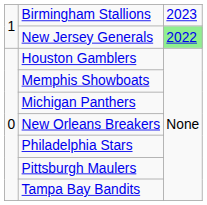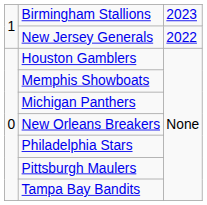 <table class="wikitable">
 <tr>
 <td rowspan="2">1</td>
 <td><a href='#'>Birmingham Stallions</a></td>
 <td><a href='#'>2023</a></td>
 </tr>
 <tr>
 <td><a href='#'>New Jersey Generals</a></td>
-<td style="background: lightgreen;"><a href='#'>2022</a></td>
+<td><a href='#'>2022</a></td>
 </tr>
 <tr>
 <td rowspan="7">0</td>
 <td><a href='#'>Houston Gamblers</a></td>
 <td rowspan="7">None</td>
 </tr>
 <tr>
 <td><a href='#'>Memphis Showboats</a></td>
 </tr>
 <tr>
 <td><a href='#'>Michigan Panthers</a></td>
 </tr>
 <tr>
 <td><a href='#'>New Orleans Breakers</a></td>
 </tr>
 <tr>
 <td><a href='#'>Philadelphia Stars</a></td>
 </tr>
 <tr>
 <td><a href='#'>Pittsburgh Maulers</a></td>
 </tr>
 <tr>
 <td><a href='#'>Tampa Bay Bandits</a></td>
 </tr>
 </table>
